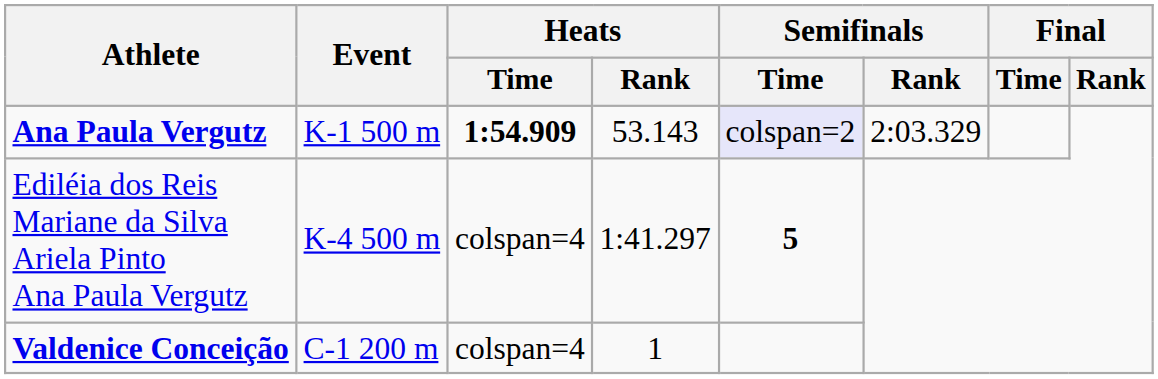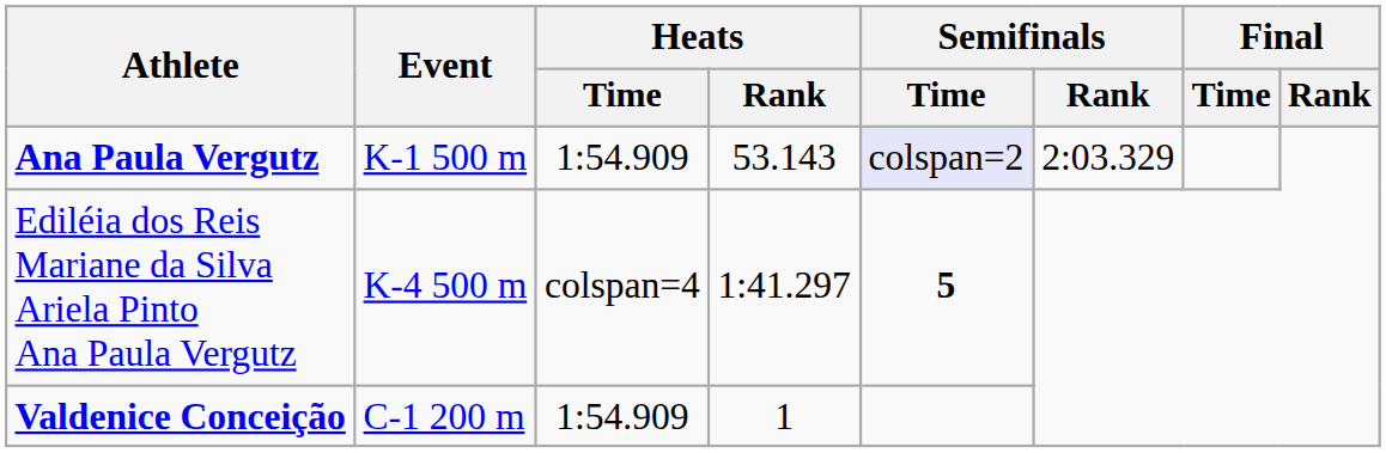 <table class=wikitable style="font-size:90%;">
 <tr>
 <th rowspan="2">Athlete</th>
 <th rowspan="2">Event</th>
 <th colspan=2>Heats</th>
 <th colspan=2>Semifinals</th>
 <th colspan=2>Final</th>
 </tr>
 <tr style="font-size:95%">
 <th>Time</th>
 <th>Rank</th>
 <th>Time</th>
 <th>Rank</th>
 <th>Time</th>
 <th>Rank</th>
 </tr>
 <tr align=center>
 <td align=left><strong><a href='#'>Ana Paula Vergutz</a></strong></td>
 <td align=left><a href='#'>K-1 500 m</a></td>
-<td><strong>1:54.909</strong></td>
+<td>1:54.909</td>
 <td>53.143</td>
 <td style="background: lavender;">colspan=2 </td>
 <td>2:03.329</td>
 <td></td>
 </tr>
 <tr align=center>
 <td align=left><a href='#'>Ediléia dos Reis</a><br><a href='#'>Mariane da Silva</a><br><a href='#'>Ariela Pinto</a><br><a href='#'>Ana Paula Vergutz</a></td>
 <td align=left><a href='#'>K-4 500 m</a></td>
 <td>colspan=4 </td>
 <td>1:41.297</td>
 <td><strong>5</strong></td>
 </tr>
 <tr align=center>
 <td align=left><strong><a href='#'>Valdenice Conceição</a></strong></td>
 <td align=left><a href='#'>C-1 200 m</a></td>
-<td>colspan=4 </td>
+<td>1:54.909</td>
 <td>1</td>
 <td></td>
 </tr>
 </table>
